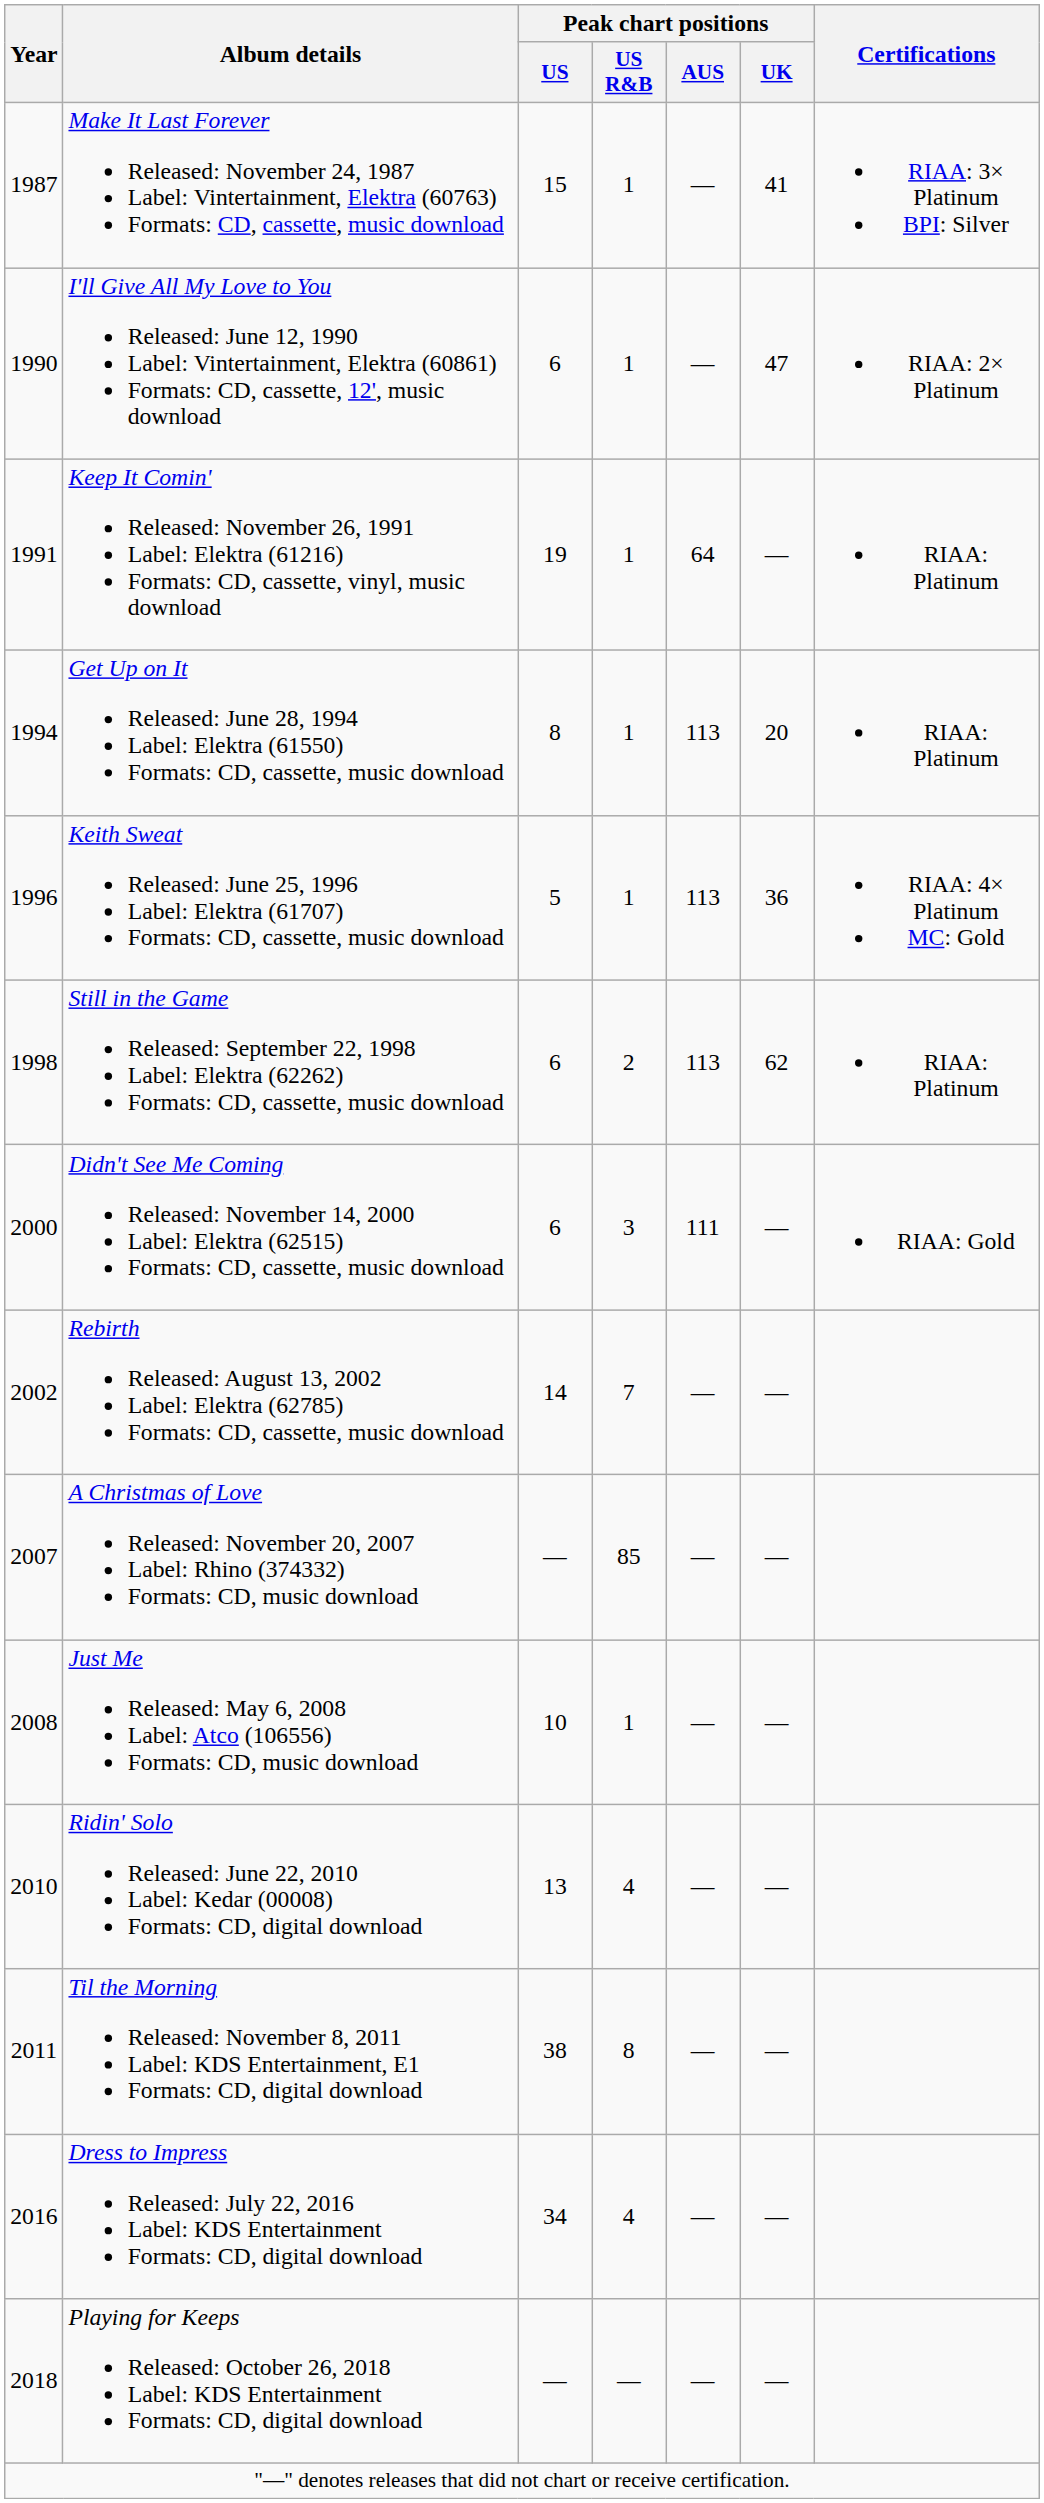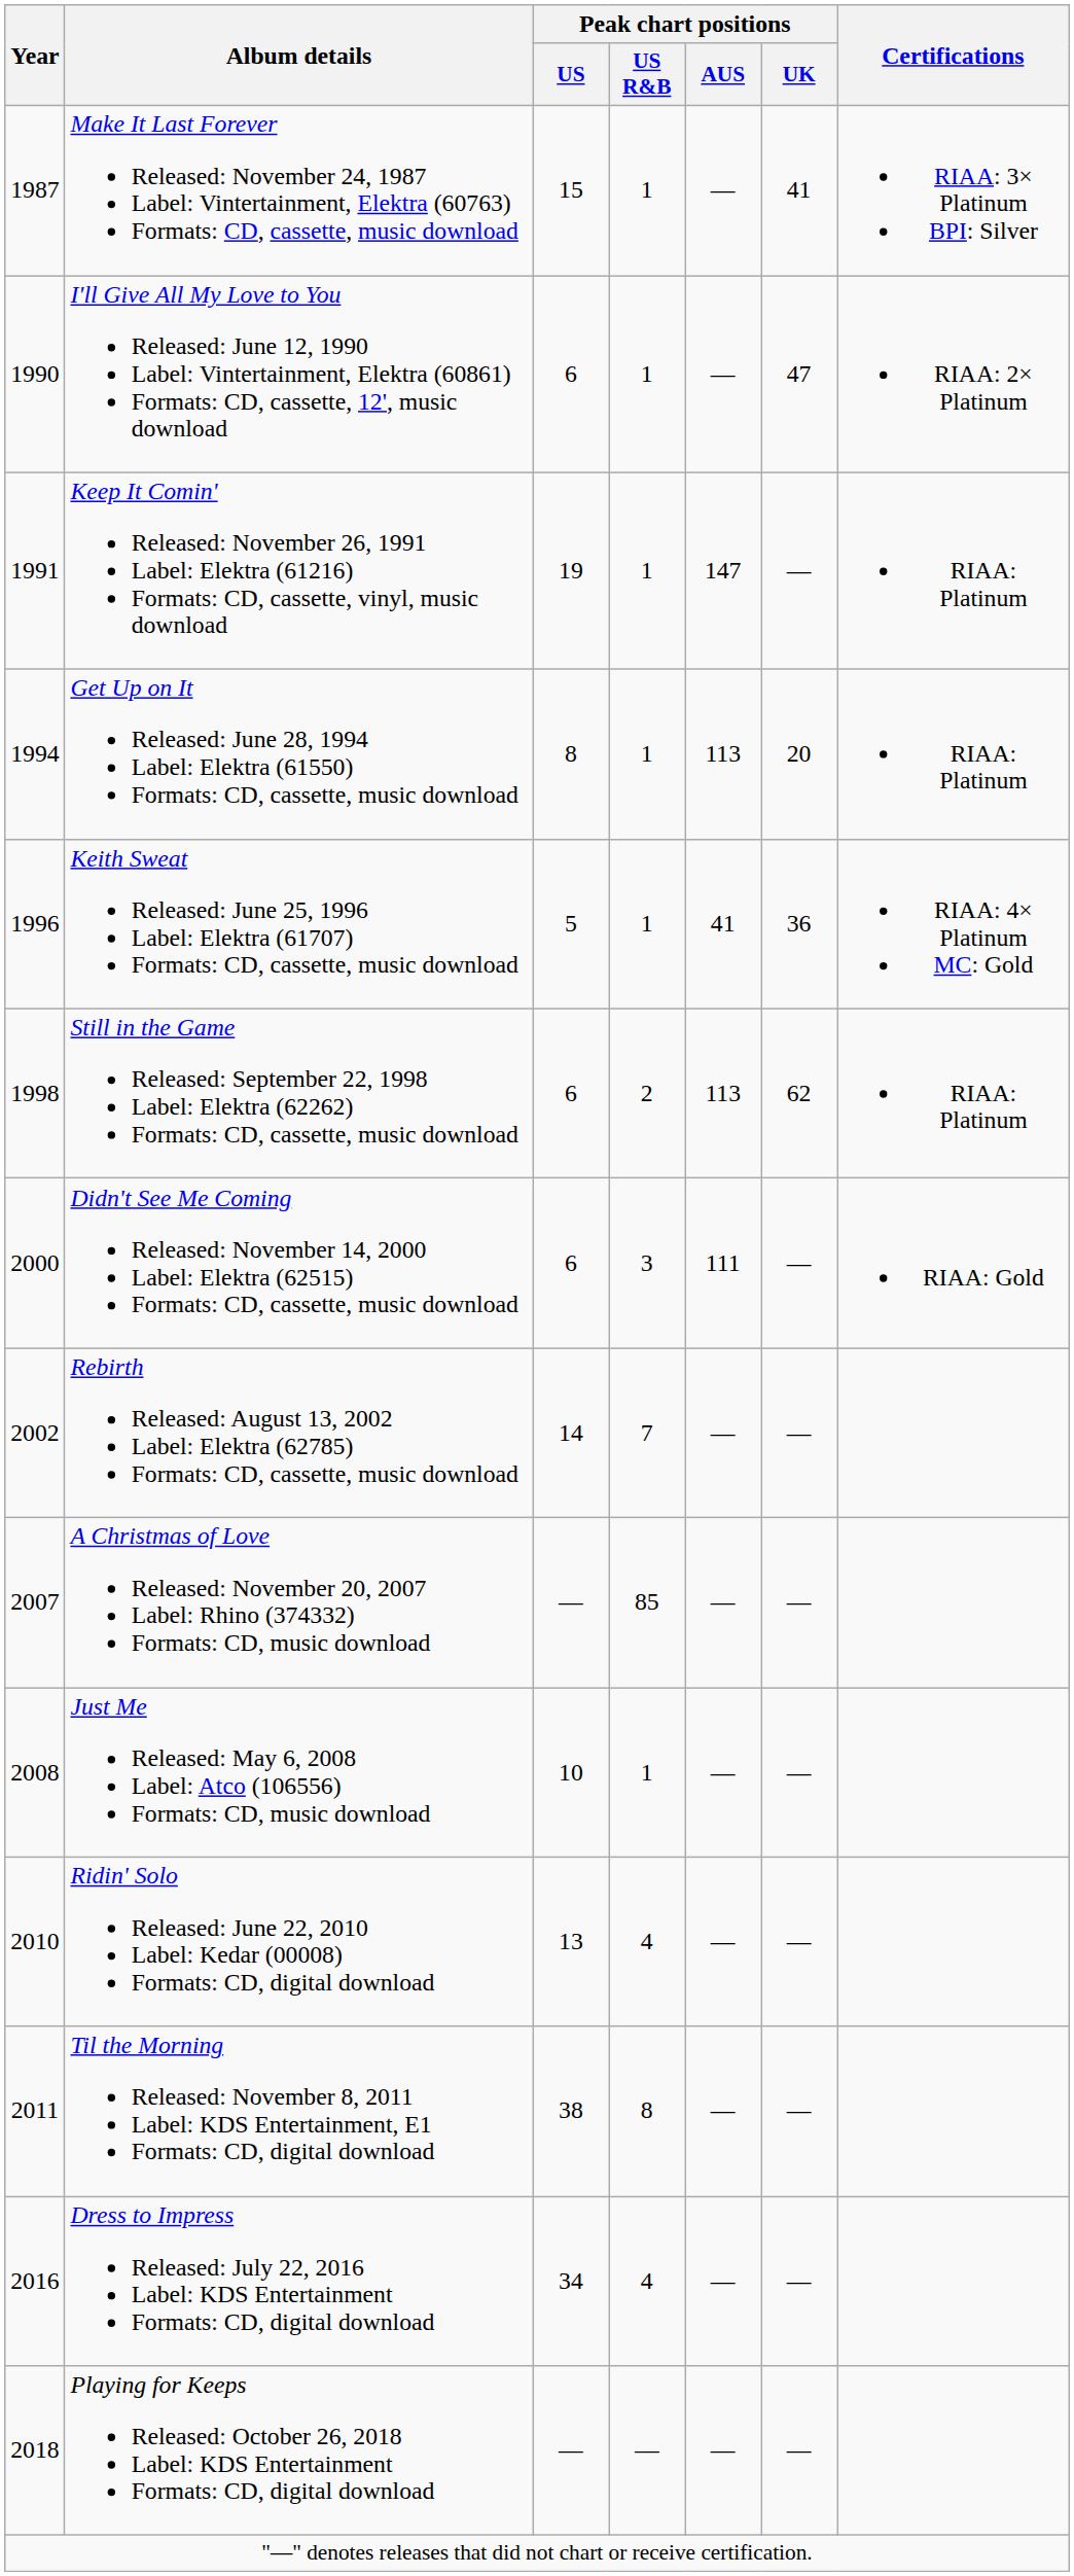 <table class="wikitable plainrowheaders" style="text-align:center;">
 <tr>
 <th scope="col" rowspan="2">Year</th>
 <th scope="col" rowspan="2" style="width:300px;">Album details</th>
 <th scope="col" colspan="4">Peak chart positions</th>
 <th scope="col" rowspan="2" style="width:145px;"><a href='#'>Certifications</a></th>
 </tr>
 <tr>
 <th scope="col" style="width:3em;font-size:90%;"><a href='#'>US</a><br></th>
 <th scope="col" style="width:3em;font-size:90%;"><a href='#'>US R&B</a><br></th>
 <th scope="col" style="width:3em;font-size:90%;"><a href='#'>AUS</a><br></th>
 <th scope="col" style="width:3em;font-size:90%;"><a href='#'>UK</a><br></th>
 </tr>
 <tr>
 <td>1987</td>
 <td style="text-align:left;"><em><a href='#'>Make It Last Forever</a></em><br><ul><li>Released: November 24, 1987</li><li>Label: Vintertainment, <a href='#'>Elektra</a> (60763)</li><li>Formats: <a href='#'>CD</a>, <a href='#'>cassette</a>, <a href='#'>music download</a></li></ul></td>
 <td>15</td>
 <td>1</td>
 <td>—</td>
 <td>41</td>
 <td><br><ul><li><a href='#'>RIAA</a>: 3× Platinum</li><li><a href='#'>BPI</a>: Silver</li></ul></td>
 </tr>
 <tr>
 <td>1990</td>
 <td style="text-align:left;"><em><a href='#'>I'll Give All My Love to You</a></em><br><ul><li>Released: June 12, 1990</li><li>Label: Vintertainment, Elektra (60861)</li><li>Formats: CD, cassette, <a href='#'>12'</a>, music download</li></ul></td>
 <td>6</td>
 <td>1</td>
 <td>—</td>
 <td>47</td>
 <td><br><ul><li>RIAA: 2× Platinum</li></ul></td>
 </tr>
 <tr>
 <td>1991</td>
 <td style="text-align:left;"><em><a href='#'>Keep It Comin'</a></em><br><ul><li>Released: November 26, 1991</li><li>Label: Elektra (61216)</li><li>Formats: CD, cassette, vinyl, music download</li></ul></td>
 <td>19</td>
 <td>1</td>
-<td>64</td>
+<td>147</td>
 <td>—</td>
 <td><br><ul><li>RIAA: Platinum</li></ul></td>
 </tr>
 <tr>
 <td>1994</td>
 <td style="text-align:left;"><em><a href='#'>Get Up on It</a></em><br><ul><li>Released: June 28, 1994</li><li>Label: Elektra (61550)</li><li>Formats: CD, cassette, music download</li></ul></td>
 <td>8</td>
 <td>1</td>
 <td>113</td>
 <td>20</td>
 <td><br><ul><li>RIAA: Platinum</li></ul></td>
 </tr>
 <tr>
 <td>1996</td>
 <td style="text-align:left;"><em><a href='#'>Keith Sweat</a></em><br><ul><li>Released: June 25, 1996</li><li>Label: Elektra (61707)</li><li>Formats: CD, cassette, music download</li></ul></td>
 <td>5</td>
 <td>1</td>
-<td>113</td>
+<td>41</td>
 <td>36</td>
 <td><br><ul><li>RIAA: 4× Platinum</li><li><a href='#'>MC</a>: Gold</li></ul></td>
 </tr>
 <tr>
 <td>1998</td>
 <td style="text-align:left;"><em><a href='#'>Still in the Game</a></em><br><ul><li>Released: September 22, 1998</li><li>Label: Elektra (62262)</li><li>Formats: CD, cassette, music download</li></ul></td>
 <td>6</td>
 <td>2</td>
 <td>113</td>
 <td>62</td>
 <td><br><ul><li>RIAA: Platinum</li></ul></td>
 </tr>
 <tr>
 <td>2000</td>
 <td style="text-align:left;"><em><a href='#'>Didn't See Me Coming</a></em><br><ul><li>Released: November 14, 2000</li><li>Label: Elektra (62515)</li><li>Formats: CD, cassette, music download</li></ul></td>
 <td>6</td>
 <td>3</td>
 <td>111</td>
 <td>—</td>
 <td><br><ul><li>RIAA: Gold</li></ul></td>
 </tr>
 <tr>
 <td>2002</td>
 <td style="text-align:left;"><em><a href='#'>Rebirth</a></em><br><ul><li>Released: August 13, 2002</li><li>Label: Elektra (62785)</li><li>Formats: CD, cassette, music download</li></ul></td>
 <td>14</td>
 <td>7</td>
 <td>—</td>
 <td>—</td>
 <td></td>
 </tr>
 <tr>
 <td>2007</td>
 <td style="text-align:left;"><em><a href='#'>A Christmas of Love</a></em><br><ul><li>Released: November 20, 2007</li><li>Label: Rhino (374332)</li><li>Formats: CD, music download</li></ul></td>
 <td>—</td>
 <td>85</td>
 <td>—</td>
 <td>—</td>
 <td></td>
 </tr>
 <tr>
 <td>2008</td>
 <td style="text-align:left;"><em><a href='#'>Just Me</a></em><br><ul><li>Released: May 6, 2008</li><li>Label: <a href='#'>Atco</a> (106556)</li><li>Formats: CD, music download</li></ul></td>
 <td>10</td>
 <td>1</td>
 <td>—</td>
 <td>—</td>
 <td></td>
 </tr>
 <tr>
 <td>2010</td>
 <td style="text-align:left;"><em><a href='#'>Ridin' Solo</a></em><br><ul><li>Released: June 22, 2010</li><li>Label: Kedar (00008)</li><li>Formats: CD, digital download</li></ul></td>
 <td>13</td>
 <td>4</td>
 <td>—</td>
 <td>—</td>
 <td></td>
 </tr>
 <tr>
 <td>2011</td>
 <td style="text-align:left;"><em><a href='#'>Til the Morning</a></em><br><ul><li>Released: November 8, 2011</li><li>Label: KDS Entertainment, E1</li><li>Formats: CD, digital download</li></ul></td>
 <td>38</td>
 <td>8</td>
 <td>—</td>
 <td>—</td>
 <td></td>
 </tr>
 <tr>
 <td>2016</td>
 <td style="text-align:left;"><em><a href='#'>Dress to Impress</a></em><br><ul><li>Released: July 22, 2016</li><li>Label: KDS Entertainment</li><li>Formats: CD, digital download</li></ul></td>
 <td>34</td>
 <td>4</td>
 <td>—</td>
 <td>—</td>
 <td></td>
 </tr>
 <tr>
 <td>2018</td>
 <td style="text-align:left;"><em>Playing for Keeps</em><br><ul><li>Released: October 26, 2018</li><li>Label: KDS Entertainment</li><li>Formats: CD, digital download</li></ul></td>
 <td>—</td>
 <td>—</td>
 <td>—</td>
 <td>—</td>
 <td></td>
 </tr>
 <tr>
 <td colspan="7" style="font-size:90%">"—" denotes releases that did not chart or receive certification.</td>
 </tr>
 </table>
